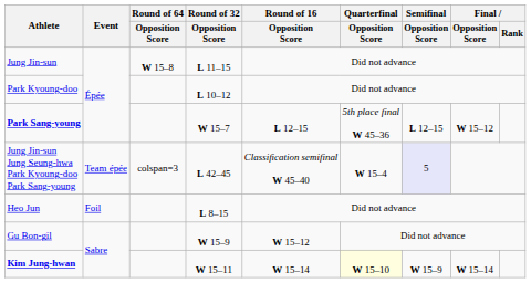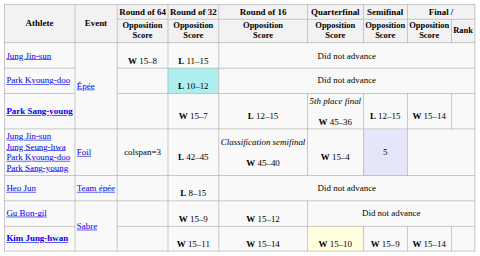 <table class="wikitable" style="font-size:90%">
 <tr>
 <th rowspan=2>Athlete</th>
 <th rowspan=2>Event</th>
 <th>Round of 64</th>
 <th>Round of 32</th>
 <th>Round of 16</th>
 <th>Quarterfinal</th>
 <th>Semifinal</th>
 <th colspan=2>Final / </th>
 </tr>
 <tr style="font-size:95%">
 <th>Opposition<br>Score</th>
 <th>Opposition<br>Score</th>
 <th>Opposition<br>Score</th>
 <th>Opposition<br>Score</th>
 <th>Opposition<br>Score</th>
 <th>Opposition<br>Score</th>
 <th>Rank</th>
 </tr>
 <tr align=center>
 <td align=left><a href='#'>Jung Jin-sun</a></td>
 <td align=left rowspan=3><a href='#'>Épée</a></td>
 <td><br><strong>W</strong> 15–8</td>
 <td><br><strong>L</strong> 11–15</td>
 <td colspan=5>Did not advance</td>
 </tr>
 <tr align=center>
 <td align=left><a href='#'>Park Kyoung-doo</a></td>
 <td></td>
-<td><br><strong>L</strong> 10–12</td>
+<td style="background: paleturquoise;"><br><strong>L</strong> 10–12</td>
 <td colspan=5>Did not advance</td>
 </tr>
 <tr align=center>
 <td align=left><strong><a href='#'>Park Sang-young</a></strong></td>
 <td></td>
 <td><br><strong>W</strong> 15–7</td>
 <td><br><strong>L</strong> 12–15</td>
 <td><em>5th place final</em><br><br><strong>W</strong> 45–36</td>
 <td><br><strong>L</strong> 12–15</td>
-<td><br><strong>W</strong> 15–12</td>
+<td><br><strong>W</strong> 15–14</td>
 <td></td>
 </tr>
 <tr align=center>
 <td align=left><a href='#'>Jung Jin-sun</a><br><a href='#'>Jung Seung-hwa</a><br><a href='#'>Park Kyoung-doo</a><br><a href='#'>Park Sang-young</a></td>
-<td align=left><a href='#'>Team épée</a></td>
+<td align=left><a href='#'>Foil</a></td>
 <td>colspan=3 </td>
 <td><br><strong>L</strong> 42–45</td>
 <td><em>Classification semifinal</em><br><br><strong>W</strong> 45–40</td>
 <td><br><strong>W</strong> 15–4</td>
 <td style="background: lavender;">5</td>
 </tr>
 <tr align=center>
 <td align=left><a href='#'>Heo Jun</a></td>
-<td align=left><a href='#'>Foil</a></td>
+<td align=left><a href='#'>Team épée</a></td>
 <td></td>
 <td><br><strong>L</strong> 8–15</td>
 <td colspan=5>Did not advance</td>
 </tr>
 <tr align=center>
 <td align=left><a href='#'>Gu Bon-gil</a></td>
 <td align=left rowspan=2><a href='#'>Sabre</a></td>
 <td></td>
 <td><br><strong>W</strong> 15–9</td>
 <td><br><strong>W</strong> 15–12</td>
 <td colspan=4>Did not advance</td>
 </tr>
 <tr align=center>
 <td align=left><strong><a href='#'>Kim Jung-hwan</a></strong></td>
 <td></td>
 <td><br><strong>W</strong> 15–11</td>
 <td><br><strong>W</strong> 15–14</td>
 <td style="background: lightyellow;"><br><strong>W</strong> 15–10</td>
 <td><br><strong>W</strong> 15–9</td>
 <td><br><strong>W</strong> 15–14</td>
 <td></td>
 </tr>
 </table>
